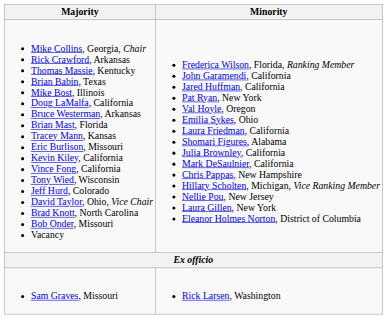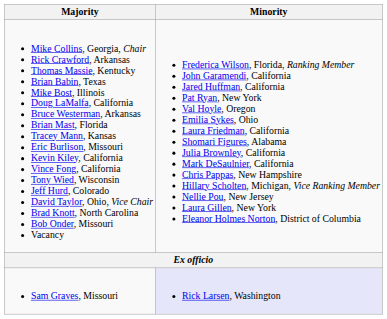 <table class=wikitable>
 <tr>
 <th>Majority</th>
 <th>Minority</th>
 </tr>
 <tr>
 <td><br><ul><li><a href='#'>Mike Collins</a>, Georgia, <em>Chair</em></li><li><a href='#'>Rick Crawford</a>, Arkansas</li><li><a href='#'>Thomas Massie</a>, Kentucky</li><li><a href='#'>Brian Babin</a>, Texas</li><li><a href='#'>Mike Bost</a>, Illinois</li><li><a href='#'>Doug LaMalfa</a>, California</li><li><a href='#'>Bruce Westerman</a>, Arkansas</li><li><a href='#'>Brian Mast</a>, Florida</li><li><a href='#'>Tracey Mann</a>, Kansas</li><li><a href='#'>Eric Burlison</a>, Missouri</li><li><a href='#'>Kevin Kiley</a>, California</li><li><a href='#'>Vince Fong</a>, California</li><li><a href='#'>Tony Wied</a>, Wisconsin</li><li><a href='#'>Jeff Hurd</a>, Colorado</li><li><a href='#'>David Taylor</a>, Ohio, <em>Vice Chair</em></li><li><a href='#'>Brad Knott</a>, North Carolina</li><li><a href='#'>Bob Onder</a>, Missouri</li><li>Vacancy</li></ul></td>
 <td><br><ul><li><a href='#'>Frederica Wilson</a>, Florida, <em>Ranking Member</em></li><li><a href='#'>John Garamendi</a>, California</li><li><a href='#'>Jared Huffman</a>, California</li><li><a href='#'>Pat Ryan</a>, New York</li><li><a href='#'>Val Hoyle</a>, Oregon</li><li><a href='#'>Emilia Sykes</a>, Ohio</li><li><a href='#'>Laura Friedman</a>, California</li><li><a href='#'>Shomari Figures</a>, Alabama</li><li><a href='#'>Julia Brownley</a>, California</li><li><a href='#'>Mark DeSaulnier</a>, California</li><li><a href='#'>Chris Pappas</a>, New Hampshire</li><li><a href='#'>Hillary Scholten</a>, Michigan, <em>Vice Ranking Member</em></li><li><a href='#'>Nellie Pou</a>, New Jersey</li><li><a href='#'>Laura Gillen</a>, New York</li><li><a href='#'>Eleanor Holmes Norton</a>, District of Columbia</li></ul></td>
 </tr>
 <tr>
 <th colspan=2><em>Ex officio</em></th>
 </tr>
 <tr>
 <td><br><ul><li><a href='#'>Sam Graves</a>, Missouri</li></ul></td>
-<td><br><ul><li><a href='#'>Rick Larsen</a>, Washington</li></ul></td>
+<td style="background: lavender;"><br><ul><li><a href='#'>Rick Larsen</a>, Washington</li></ul></td>
 </tr>
 </table>
